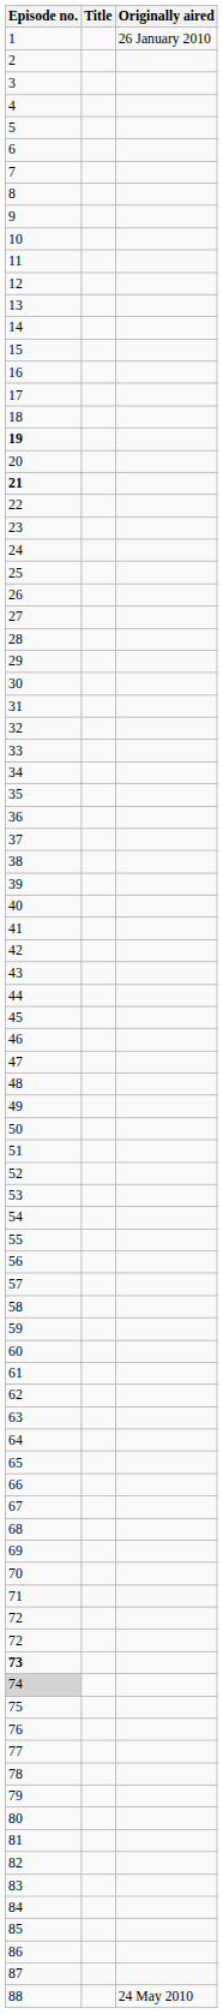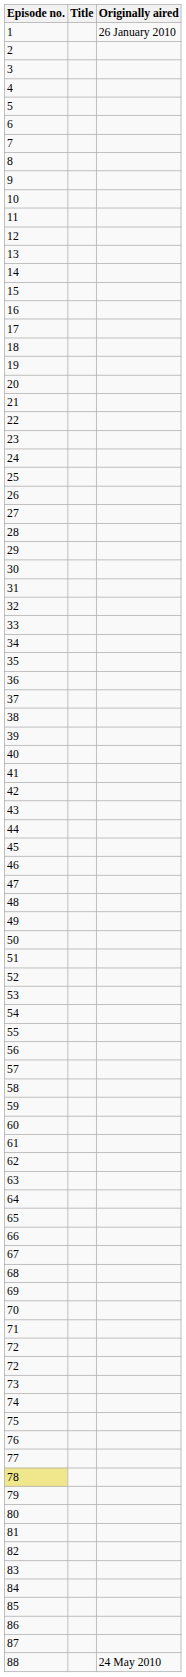 <table class="wikitable">
 <tr>
 <th><div> Episode no. </div></th>
 <th><div> Title </div></th>
 <th><div> Originally aired </div></th>
 </tr>
 <tr>
 <td><div> 1 </div></td>
 <td></td>
 <td><div> 26 January 2010 </div></td>
 </tr>
 <tr>
 <td><div> 2 </div></td>
 <td></td>
 <td></td>
 </tr>
 <tr>
 <td><div> 3 </div></td>
 <td></td>
 <td></td>
 </tr>
 <tr>
 <td><div> 4 </div></td>
 <td></td>
 <td></td>
 </tr>
 <tr>
 <td><div> 5 </div></td>
 <td></td>
 <td></td>
 </tr>
 <tr>
 <td><div> 6 </div></td>
 <td></td>
 <td></td>
 </tr>
 <tr>
 <td><div> 7 </div></td>
 <td></td>
 <td></td>
 </tr>
 <tr>
 <td><div> 8 </div></td>
 <td></td>
 <td></td>
 </tr>
 <tr>
 <td><div> 9 </div></td>
 <td></td>
 <td></td>
 </tr>
 <tr>
 <td><div> 10 </div></td>
 <td></td>
 <td></td>
 </tr>
 <tr>
 <td><div> 11 </div></td>
 <td></td>
 <td></td>
 </tr>
 <tr>
 <td><div> 12 </div></td>
 <td></td>
 <td></td>
 </tr>
 <tr>
 <td><div> 13 </div></td>
 <td></td>
 <td></td>
 </tr>
 <tr>
 <td><div> 14 </div></td>
 <td></td>
 <td></td>
 </tr>
 <tr>
 <td><div> 15 </div></td>
 <td></td>
 <td></td>
 </tr>
 <tr>
 <td><div> 16 </div></td>
 <td></td>
 <td></td>
 </tr>
 <tr>
 <td><div> 17 </div></td>
 <td></td>
 <td></td>
 </tr>
 <tr>
 <td><div> 18 </div></td>
 <td></td>
 <td></td>
 </tr>
 <tr>
-<td><strong><div> 19 </div></strong></td>
+<td><div> 19 </div></td>
 <td></td>
 <td></td>
 </tr>
 <tr>
 <td><div> 20 </div></td>
 <td></td>
 <td></td>
 </tr>
 <tr>
-<td><strong><div> 21 </div></strong></td>
+<td><div> 21 </div></td>
 <td></td>
 <td></td>
 </tr>
 <tr>
 <td><div> 22 </div></td>
 <td></td>
 <td></td>
 </tr>
 <tr>
 <td><div> 23 </div></td>
 <td></td>
 <td></td>
 </tr>
 <tr>
 <td><div> 24 </div></td>
 <td></td>
 <td></td>
 </tr>
 <tr>
 <td><div> 25 </div></td>
 <td></td>
 <td></td>
 </tr>
 <tr>
 <td><div> 26 </div></td>
 <td></td>
 <td></td>
 </tr>
 <tr>
 <td><div> 27 </div></td>
 <td></td>
 <td></td>
 </tr>
 <tr>
 <td><div> 28 </div></td>
 <td></td>
 <td></td>
 </tr>
 <tr>
 <td><div> 29 </div></td>
 <td></td>
 <td></td>
 </tr>
 <tr>
 <td><div> 30 </div></td>
 <td></td>
 <td></td>
 </tr>
 <tr>
 <td><div> 31 </div></td>
 <td></td>
 <td></td>
 </tr>
 <tr>
 <td><div> 32 </div></td>
 <td></td>
 <td></td>
 </tr>
 <tr>
 <td><div> 33 </div></td>
 <td></td>
 <td></td>
 </tr>
 <tr>
 <td><div> 34 </div></td>
 <td></td>
 <td></td>
 </tr>
 <tr>
 <td><div> 35 </div></td>
 <td></td>
 <td></td>
 </tr>
 <tr>
 <td><div> 36 </div></td>
 <td></td>
 <td></td>
 </tr>
 <tr>
 <td><div> 37 </div></td>
 <td></td>
 <td></td>
 </tr>
 <tr>
 <td><div> 38 </div></td>
 <td></td>
 <td></td>
 </tr>
 <tr>
 <td><div> 39 </div></td>
 <td></td>
 <td></td>
 </tr>
 <tr>
 <td><div> 40 </div></td>
 <td></td>
 <td></td>
 </tr>
 <tr>
 <td><div> 41 </div></td>
 <td></td>
 <td></td>
 </tr>
 <tr>
 <td><div> 42 </div></td>
 <td></td>
 <td></td>
 </tr>
 <tr>
 <td><div> 43 </div></td>
 <td></td>
 <td></td>
 </tr>
 <tr>
 <td><div> 44 </div></td>
 <td></td>
 <td></td>
 </tr>
 <tr>
 <td><div> 45 </div></td>
 <td></td>
 <td></td>
 </tr>
 <tr>
 <td><div> 46 </div></td>
 <td></td>
 <td></td>
 </tr>
 <tr>
 <td><div> 47 </div></td>
 <td></td>
 <td></td>
 </tr>
 <tr>
 <td><div> 48 </div></td>
 <td></td>
 <td></td>
 </tr>
 <tr>
 <td><div> 49 </div></td>
 <td></td>
 <td></td>
 </tr>
 <tr>
 <td><div> 50 </div></td>
 <td></td>
 <td></td>
 </tr>
 <tr>
 <td><div> 51 </div></td>
 <td></td>
 <td></td>
 </tr>
 <tr>
 <td><div> 52 </div></td>
 <td></td>
 <td></td>
 </tr>
 <tr>
 <td><div> 53 </div></td>
 <td></td>
 <td></td>
 </tr>
 <tr>
 <td><div> 54 </div></td>
 <td></td>
 <td></td>
 </tr>
 <tr>
 <td><div> 55 </div></td>
 <td></td>
 <td></td>
 </tr>
 <tr>
 <td><div> 56 </div></td>
 <td></td>
 <td></td>
 </tr>
 <tr>
 <td><div> 57 </div></td>
 <td></td>
 <td></td>
 </tr>
 <tr>
 <td><div> 58 </div></td>
 <td></td>
 <td></td>
 </tr>
 <tr>
 <td><div> 59 </div></td>
 <td></td>
 <td></td>
 </tr>
 <tr>
 <td><div> 60 </div></td>
 <td></td>
 <td></td>
 </tr>
 <tr>
 <td><div> 61 </div></td>
 <td></td>
 <td></td>
 </tr>
 <tr>
 <td><div> 62 </div></td>
 <td></td>
 <td></td>
 </tr>
 <tr>
 <td><div> 63 </div></td>
 <td></td>
 <td></td>
 </tr>
 <tr>
 <td><div> 64 </div></td>
 <td></td>
 <td></td>
 </tr>
 <tr>
 <td><div> 65 </div></td>
 <td></td>
 <td></td>
 </tr>
 <tr>
 <td><div> 66 </div></td>
 <td></td>
 <td></td>
 </tr>
 <tr>
 <td><div> 67 </div></td>
 <td></td>
 <td></td>
 </tr>
 <tr>
 <td><div> 68 </div></td>
 <td></td>
 <td></td>
 </tr>
 <tr>
 <td><div> 69 </div></td>
 <td></td>
 <td></td>
 </tr>
 <tr>
 <td><div> 70 </div></td>
 <td></td>
 <td></td>
 </tr>
 <tr>
 <td><div> 71 </div></td>
 <td></td>
 <td></td>
 </tr>
 <tr>
 <td><div> 72 </div></td>
 <td></td>
 <td></td>
 </tr>
 <tr>
 <td><div> 72 </div></td>
 <td></td>
 <td></td>
 </tr>
 <tr>
-<td><strong><div> 73 </div></strong></td>
+<td><div> 73 </div></td>
 <td></td>
 <td></td>
 </tr>
 <tr>
-<td style="background: lightgrey;"><div> 74 </div></td>
+<td><div> 74 </div></td>
 <td></td>
 <td></td>
 </tr>
 <tr>
 <td><div> 75 </div></td>
 <td></td>
 <td></td>
 </tr>
 <tr>
 <td><div> 76 </div></td>
 <td></td>
 <td></td>
 </tr>
 <tr>
 <td><div> 77 </div></td>
 <td></td>
 <td></td>
 </tr>
 <tr>
-<td><div> 78 </div></td>
+<td style="background: khaki;"><div> 78 </div></td>
 <td></td>
 <td></td>
 </tr>
 <tr>
 <td><div> 79 </div></td>
 <td></td>
 <td></td>
 </tr>
 <tr>
 <td><div> 80 </div></td>
 <td></td>
 <td></td>
 </tr>
 <tr>
 <td><div> 81 </div></td>
 <td></td>
 <td></td>
 </tr>
 <tr>
 <td><div> 82 </div></td>
 <td></td>
 <td></td>
 </tr>
 <tr>
 <td><div> 83 </div></td>
 <td></td>
 <td></td>
 </tr>
 <tr>
 <td><div> 84 </div></td>
 <td></td>
 <td></td>
 </tr>
 <tr>
 <td><div> 85 </div></td>
 <td></td>
 <td></td>
 </tr>
 <tr>
 <td><div> 86 </div></td>
 <td></td>
 <td></td>
 </tr>
 <tr>
 <td><div> 87 </div></td>
 <td></td>
 <td></td>
 </tr>
 <tr>
 <td><div> 88 </div></td>
 <td></td>
 <td><div> 24 May 2010 </div></td>
 </tr>
 </table>
